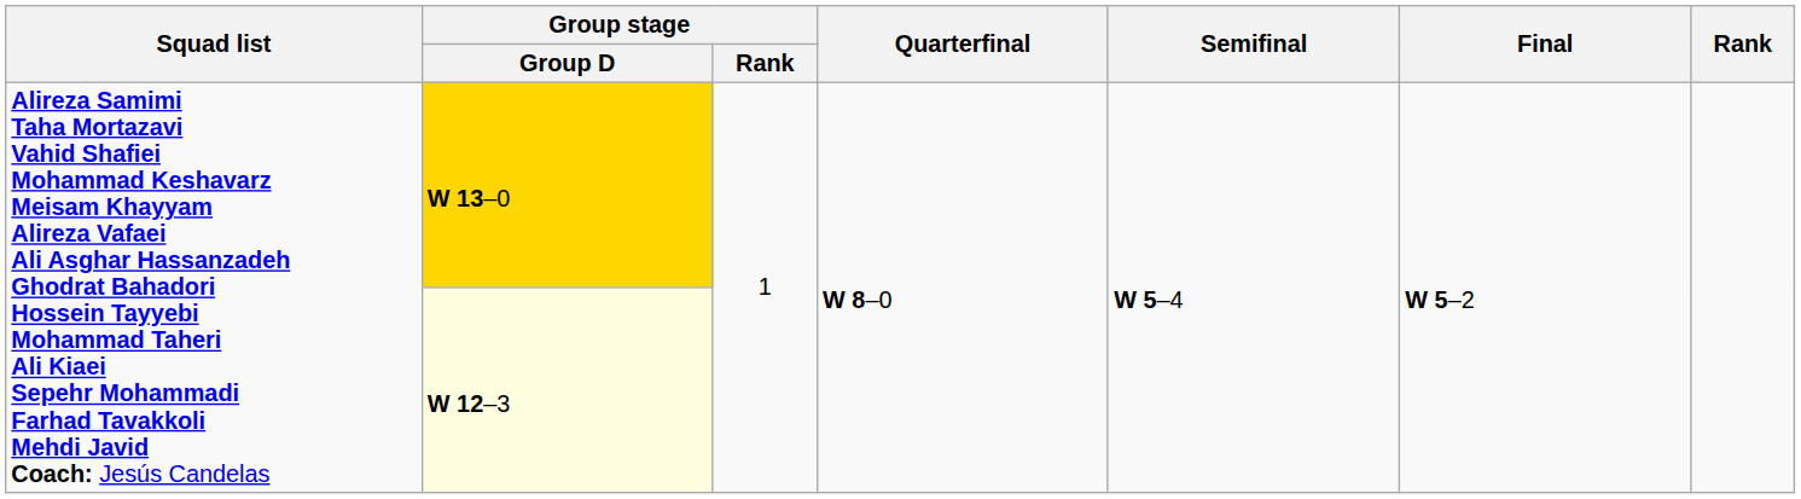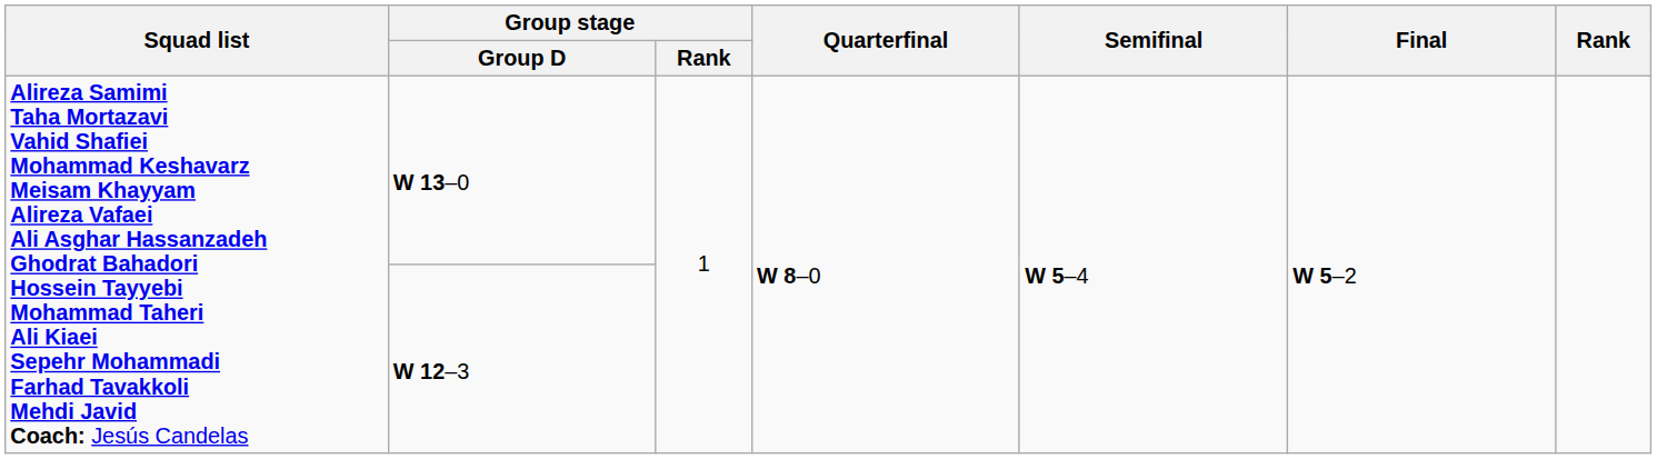 <table class="wikitable" width="85%" style="text-align:left; font-size:90%">
 <tr>
 <th rowspan="2" width="20%">Squad list</th>
 <th colspan="2">Group stage</th>
 <th rowspan="2" width="14%">Quarterfinal</th>
 <th rowspan="2" width="14%">Semifinal</th>
 <th rowspan="2" width="14%">Final</th>
 <th rowspan="2" width="5%">Rank</th>
 </tr>
 <tr>
 <th width="14%">Group D</th>
 <th width="5%">Rank</th>
 </tr>
 <tr>
 <td rowspan="2"><strong><a href='#'>Alireza Samimi</a><br><a href='#'>Taha Mortazavi</a><br><a href='#'>Vahid Shafiei</a><br><a href='#'>Mohammad Keshavarz</a><br><a href='#'>Meisam Khayyam</a><br><a href='#'>Alireza Vafaei</a><br><a href='#'>Ali Asghar Hassanzadeh</a><br><a href='#'>Ghodrat Bahadori</a><br><a href='#'>Hossein Tayyebi</a><br><a href='#'>Mohammad Taheri</a><br><a href='#'>Ali Kiaei</a><br><a href='#'>Sepehr Mohammadi</a><br><a href='#'>Farhad Tavakkoli</a><br><a href='#'>Mehdi Javid</a><br> Coach:</strong>  <a href='#'>Jesús Candelas</a></td>
-<td style="background: gold;"><br><strong>W</strong> <strong>13</strong>–0</td>
+<td><br><strong>W</strong> <strong>13</strong>–0</td>
 <td rowspan="2" align=center>1 <strong></strong></td>
 <td rowspan="2"><br><strong>W</strong> <strong>8</strong>–0</td>
 <td rowspan="2"><br><strong>W</strong> <strong>5</strong>–4</td>
 <td rowspan="2"><br><strong>W</strong> <strong>5</strong>–2</td>
 <td rowspan="2" align="center"></td>
 </tr>
 <tr>
-<td style="background: lightyellow;"><br><strong>W</strong> <strong>12</strong>–3</td>
+<td><br><strong>W</strong> <strong>12</strong>–3</td>
 </tr>
 </table>
